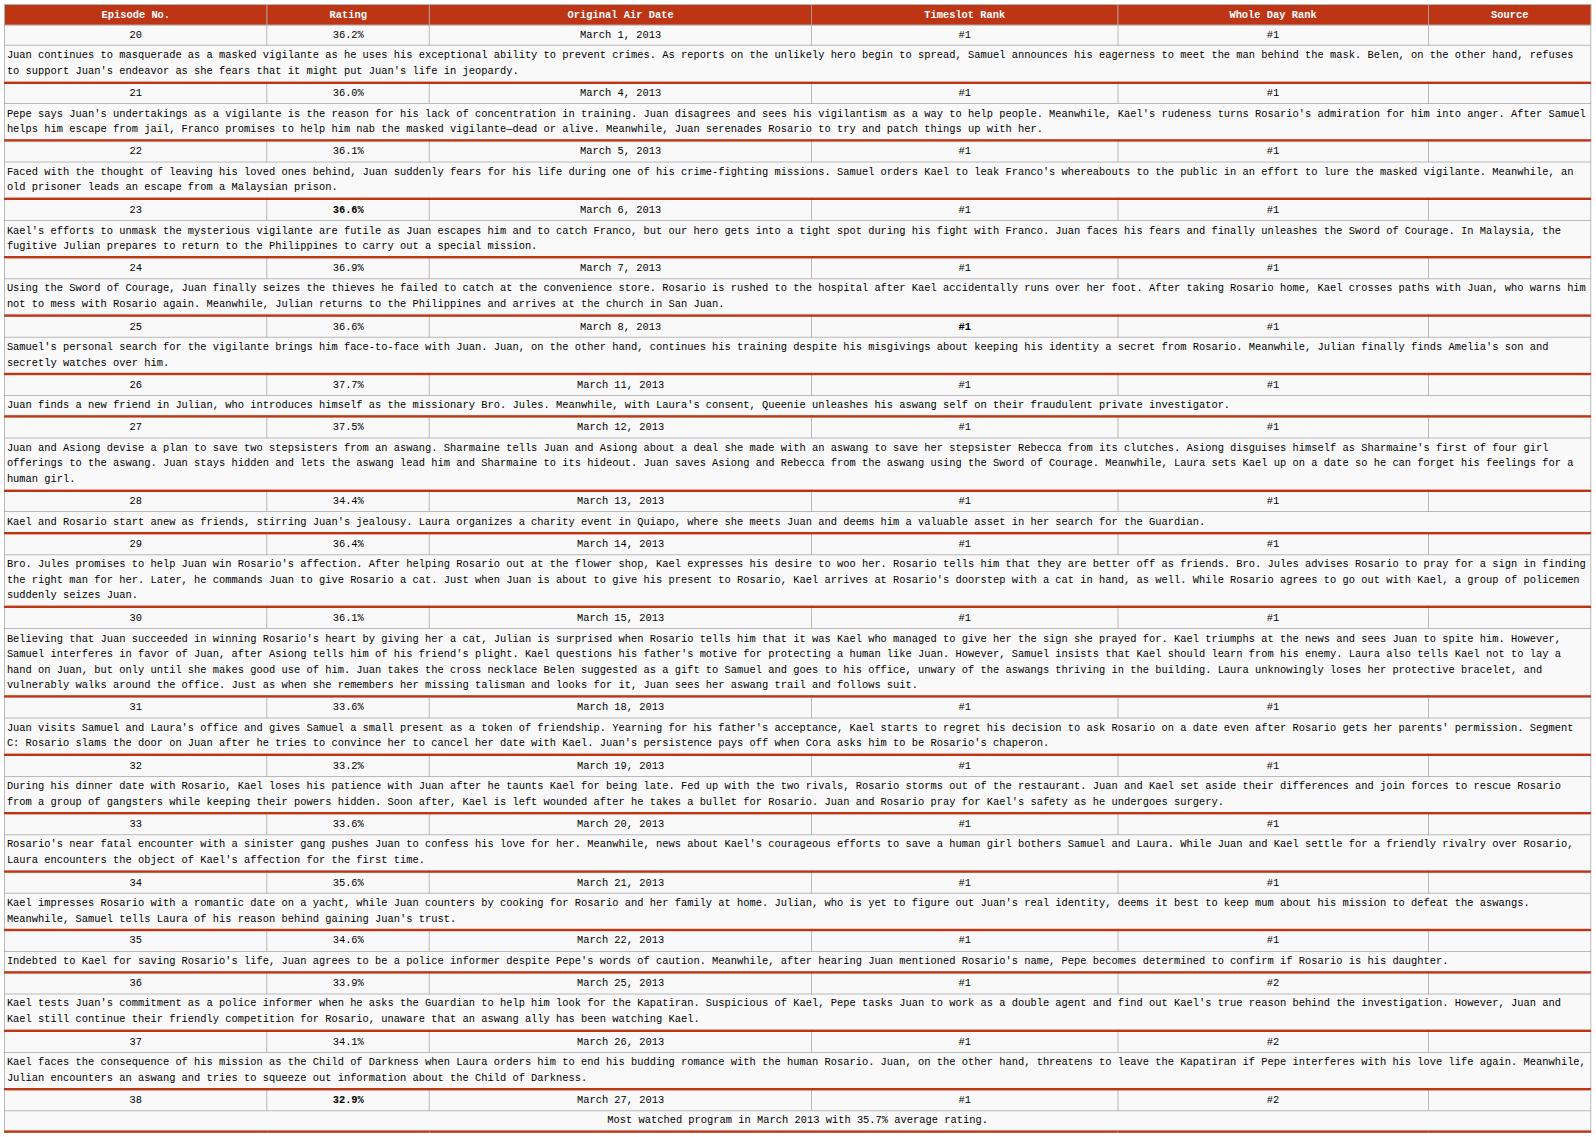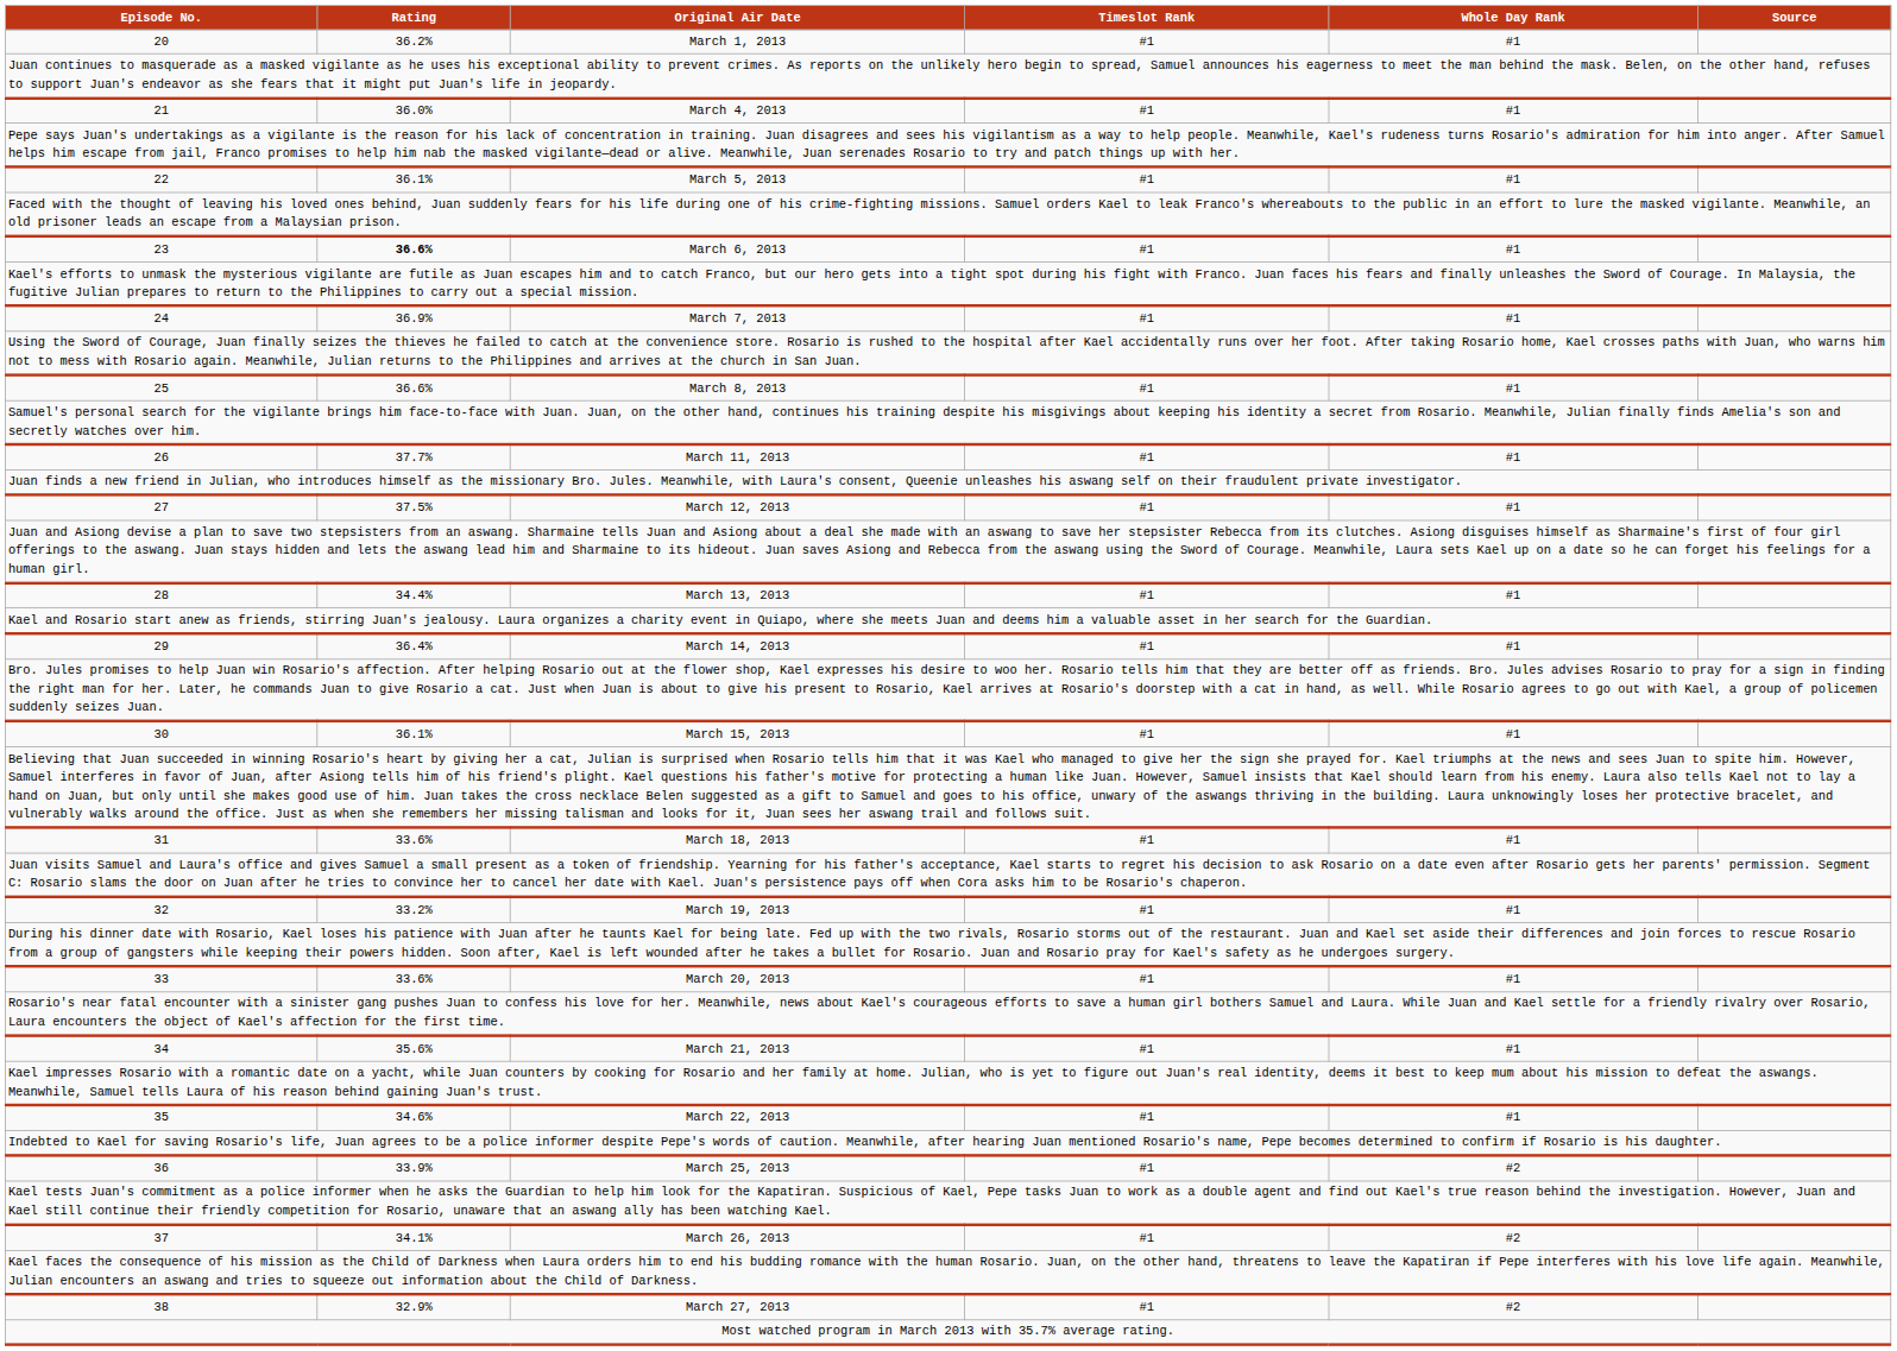 <table class="wikitable" style="text-align:center; background:#f9f9f9; line-height:16px; line-height:150%" width="100%">
 <tr style="color:white;">
 <th style="background:#be3515;">Episode No.</th>
 <th style="background:#be3515;">Rating</th>
 <th style="background:#be3515;">Original Air Date</th>
 <th style="background:#be3515;">Timeslot Rank</th>
 <th style="background:#be3515;">Whole Day Rank</th>
 <th style="background:#be3515;">Source</th>
 </tr>
 <tr>
 <td>20</td>
 <td>36.2%</td>
 <td>March 1, 2013</td>
 <td>#1</td>
 <td>#1</td>
 <td></td>
 </tr>
 <tr>
 <td colspan = "6" style="text-align: left; border-bottom: 3px solid #be3515;">Juan continues to masquerade as a masked vigilante as he uses his exceptional ability to prevent crimes. As reports on the unlikely hero begin to spread, Samuel announces his eagerness to meet the man behind the mask. Belen, on the other hand, refuses to support Juan's endeavor as she fears that it might put Juan's life in jeopardy.</td>
 </tr>
 <tr>
 <td>21</td>
 <td>36.0%</td>
 <td>March 4, 2013</td>
 <td>#1</td>
 <td>#1</td>
 <td></td>
 </tr>
 <tr>
 <td colspan = "6" style="text-align: left; border-bottom: 3px solid #be3515;">Pepe says Juan's undertakings as a vigilante is the reason for his lack of concentration in training. Juan disagrees and sees his vigilantism as a way to help people. Meanwhile, Kael's rudeness turns Rosario's admiration for him into anger. After Samuel helps him escape from jail, Franco promises to help him nab the masked vigilante—dead or alive. Meanwhile, Juan serenades Rosario to try and patch things up with her.</td>
 </tr>
 <tr>
 <td>22</td>
 <td>36.1%</td>
 <td>March 5, 2013</td>
 <td>#1</td>
 <td>#1</td>
 <td></td>
 </tr>
 <tr>
 <td colspan = "6" style="text-align: left; border-bottom: 3px solid #be3515;">Faced with the thought of leaving his loved ones behind, Juan suddenly fears for his life during one of his crime-fighting missions. Samuel orders Kael to leak Franco's whereabouts to the public in an effort to lure the masked vigilante. Meanwhile, an old prisoner leads an escape from a Malaysian prison.</td>
 </tr>
 <tr>
 <td>23</td>
 <td><strong>36.6%</strong></td>
 <td>March 6, 2013</td>
 <td>#1</td>
 <td>#1</td>
 <td></td>
 </tr>
 <tr>
 <td colspan = "6" style="text-align: left; border-bottom: 3px solid #be3515;">Kael's efforts to unmask the mysterious vigilante are futile as Juan escapes him and to catch Franco, but our hero gets into a tight spot during his fight with Franco. Juan faces his fears and finally unleashes the Sword of Courage. In Malaysia, the fugitive Julian prepares to return to the Philippines to carry out a special mission.</td>
 </tr>
 <tr>
 <td>24</td>
 <td>36.9%</td>
 <td>March 7, 2013</td>
 <td>#1</td>
 <td>#1</td>
 <td></td>
 </tr>
 <tr>
 <td colspan = "6" style="text-align: left; border-bottom: 3px solid #be3515;">Using the Sword of Courage, Juan finally seizes the thieves he failed to catch at the convenience store. Rosario is rushed to the hospital after Kael accidentally runs over her foot. After taking Rosario home, Kael crosses paths with Juan, who warns him not to mess with Rosario again. Meanwhile, Julian returns to the Philippines and arrives at the church in San Juan.</td>
 </tr>
 <tr>
 <td>25</td>
 <td>36.6%</td>
 <td>March 8, 2013</td>
-<td><strong>#1</strong></td>
+<td>#1</td>
 <td>#1</td>
 <td></td>
 </tr>
 <tr>
 <td colspan = "6" style="text-align: left; border-bottom: 3px solid #be3515;">Samuel's personal search for the vigilante brings him face-to-face with Juan. Juan, on the other hand, continues his training despite his misgivings about keeping his identity a secret from Rosario. Meanwhile, Julian finally finds Amelia's son and secretly watches over him.</td>
 </tr>
 <tr>
 <td>26</td>
 <td>37.7%</td>
 <td>March 11, 2013</td>
 <td>#1</td>
 <td>#1</td>
 <td></td>
 </tr>
 <tr>
 <td colspan = "6" style="text-align: left; border-bottom: 3px solid #be3515;">Juan finds a new friend in Julian, who introduces himself as the missionary Bro. Jules. Meanwhile, with Laura's consent, Queenie unleashes his aswang self on their fraudulent private investigator.</td>
 </tr>
 <tr>
 <td>27</td>
 <td>37.5%</td>
 <td>March 12, 2013</td>
 <td>#1</td>
 <td>#1</td>
 <td></td>
 </tr>
 <tr>
 <td colspan = "6" style="text-align: left; border-bottom: 3px solid #be3515;">Juan and Asiong devise a plan to save two stepsisters from an aswang. Sharmaine tells Juan and Asiong about a deal she made with an aswang to save her stepsister Rebecca from its clutches. Asiong disguises himself as Sharmaine's first of four girl offerings to the aswang. Juan stays hidden and lets the aswang lead him and Sharmaine to its hideout. Juan saves Asiong and Rebecca from the aswang using the Sword of Courage. Meanwhile, Laura sets Kael up on a date so he can forget his feelings for a human girl.</td>
 </tr>
 <tr>
 <td>28</td>
 <td>34.4%</td>
 <td>March 13, 2013</td>
 <td>#1</td>
 <td>#1</td>
 <td></td>
 </tr>
 <tr>
 <td colspan = "6" style="text-align: left; border-bottom: 3px solid #be3515;">Kael and Rosario start anew as friends, stirring Juan's jealousy. Laura organizes a charity event in Quiapo, where she meets Juan and deems him a valuable asset in her search for the Guardian.</td>
 </tr>
 <tr>
 <td>29</td>
 <td>36.4%</td>
 <td>March 14, 2013</td>
 <td>#1</td>
 <td>#1</td>
 <td></td>
 </tr>
 <tr>
 <td colspan = "6" style="text-align: left; border-bottom: 3px solid #be3515;">Bro. Jules promises to help Juan win Rosario's affection. After helping Rosario out at the flower shop, Kael expresses his desire to woo her. Rosario tells him that they are better off as friends. Bro. Jules advises Rosario to pray for a sign in finding the right man for her. Later, he commands Juan to give Rosario a cat. Just when Juan is about to give his present to Rosario, Kael arrives at Rosario's doorstep with a cat in hand, as well. While Rosario agrees to go out with Kael, a group of policemen suddenly seizes Juan.</td>
 </tr>
 <tr>
 <td>30</td>
 <td>36.1%</td>
 <td>March 15, 2013</td>
 <td>#1</td>
 <td>#1</td>
 <td></td>
 </tr>
 <tr>
 <td colspan = "6" style="text-align: left; border-bottom: 3px solid #be3515;">Believing that Juan succeeded in winning Rosario's heart by giving her a cat, Julian is surprised when Rosario tells him that it was Kael who managed to give her the sign she prayed for. Kael triumphs at the news and sees Juan to spite him. However, Samuel interferes in favor of Juan, after Asiong tells him of his friend's plight. Kael questions his father's motive for protecting a human like Juan. However, Samuel insists that Kael should learn from his enemy. Laura also tells Kael not to lay a hand on Juan, but only until she makes good use of him. Juan takes the cross necklace Belen suggested as a gift to Samuel and goes to his office, unwary of the aswangs thriving in the building. Laura unknowingly loses her protective bracelet, and vulnerably walks around the office. Just as when she remembers her missing talisman and looks for it, Juan sees her aswang trail and follows suit.</td>
 </tr>
 <tr>
 <td>31</td>
 <td>33.6%</td>
 <td>March 18, 2013</td>
 <td>#1</td>
 <td>#1</td>
 <td></td>
 </tr>
 <tr>
 <td colspan = "6" style="text-align: left; border-bottom: 3px solid #be3515;">Juan visits Samuel and Laura's office and gives Samuel a small present as a token of friendship. Yearning for his father's acceptance, Kael starts to regret his decision to ask Rosario on a date even after Rosario gets her parents' permission. Segment C: Rosario slams the door on Juan after he tries to convince her to cancel her date with Kael. Juan's persistence pays off when Cora asks him to be Rosario's chaperon.</td>
 </tr>
 <tr>
 <td>32</td>
 <td>33.2%</td>
 <td>March 19, 2013</td>
 <td>#1</td>
 <td>#1</td>
 <td></td>
 </tr>
 <tr>
 <td colspan = "6" style="text-align: left; border-bottom: 3px solid #be3515;">During his dinner date with Rosario, Kael loses his patience with Juan after he taunts Kael for being late. Fed up with the two rivals, Rosario storms out of the restaurant. Juan and Kael set aside their differences and join forces to rescue Rosario from a group of gangsters while keeping their powers hidden. Soon after, Kael is left wounded after he takes a bullet for Rosario. Juan and Rosario pray for Kael's safety as he undergoes surgery.</td>
 </tr>
 <tr>
 <td>33</td>
 <td>33.6%</td>
 <td>March 20, 2013</td>
 <td>#1</td>
 <td>#1</td>
 <td></td>
 </tr>
 <tr>
 <td colspan = "6" style="text-align: left; border-bottom: 3px solid #be3515;">Rosario's near fatal encounter with a sinister gang pushes Juan to confess his love for her. Meanwhile, news about Kael's courageous efforts to save a human girl bothers Samuel and Laura. While Juan and Kael settle for a friendly rivalry over Rosario, Laura encounters the object of Kael's affection for the first time.</td>
 </tr>
 <tr>
 <td>34</td>
 <td>35.6%</td>
 <td>March 21, 2013</td>
 <td>#1</td>
 <td>#1</td>
 <td></td>
 </tr>
 <tr>
 <td colspan = "6" style="text-align: left; border-bottom: 3px solid #be3515;">Kael impresses Rosario with a romantic date on a yacht, while Juan counters by cooking for Rosario and her family at home. Julian, who is yet to figure out Juan's real identity, deems it best to keep mum about his mission to defeat the aswangs. Meanwhile, Samuel tells Laura of his reason behind gaining Juan's trust.</td>
 </tr>
 <tr>
 <td>35</td>
 <td>34.6%</td>
 <td>March 22, 2013</td>
 <td>#1</td>
 <td>#1</td>
 <td></td>
 </tr>
 <tr>
 <td colspan = "6" style="text-align: left; border-bottom: 3px solid #be3515;">Indebted to Kael for saving Rosario's life, Juan agrees to be a police informer despite Pepe's words of caution. Meanwhile, after hearing Juan mentioned Rosario's name, Pepe becomes determined to confirm if Rosario is his daughter.</td>
 </tr>
 <tr>
 <td>36</td>
 <td>33.9%</td>
 <td>March 25, 2013</td>
 <td>#1</td>
 <td>#2</td>
 <td></td>
 </tr>
 <tr>
 <td colspan = "6" style="text-align: left; border-bottom: 3px solid #be3515;">Kael tests Juan's commitment as a police informer when he asks the Guardian to help him look for the Kapatiran. Suspicious of Kael, Pepe tasks Juan to work as a double agent and find out Kael's true reason behind the investigation. However, Juan and Kael still continue their friendly competition for Rosario, unaware that an aswang ally has been watching Kael.</td>
 </tr>
 <tr>
 <td>37</td>
 <td>34.1%</td>
 <td>March 26, 2013</td>
 <td>#1</td>
 <td>#2</td>
 <td></td>
 </tr>
 <tr>
 <td colspan = "6" style="text-align: left; border-bottom: 3px solid #be3515;">Kael faces the consequence of his mission as the Child of Darkness when Laura orders him to end his budding romance with the human Rosario. Juan, on the other hand, threatens to leave the Kapatiran if Pepe interferes with his love life again. Meanwhile, Julian encounters an aswang and tries to squeeze out information about the Child of Darkness.</td>
 </tr>
 <tr>
 <td>38</td>
-<td><strong>32.9%</strong></td>
+<td>32.9%</td>
 <td>March 27, 2013</td>
 <td>#1</td>
 <td>#2</td>
 <td></td>
 </tr>
 <tr>
 <td colspan = "6" style="text-align: center; border-bottom: 3px solid #be3515;">Most watched program in March 2013 with 35.7% average rating.</td>
 </tr>
 </table>
